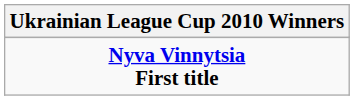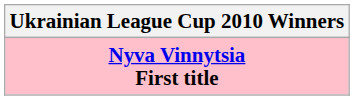 <table class="wikitable" style="text-align: center; margin: 0 auto;">
 <tr>
 <th>Ukrainian League Cup 2010 Winners</th>
 </tr>
 <tr>
 </tr>
 <tr>
-<td><strong><a href='#'>Nyva Vinnytsia</a></strong><br><strong>First title</strong></td>
+<td style="background: pink;"><strong><a href='#'>Nyva Vinnytsia</a></strong><br><strong>First title</strong></td>
 </tr>
 </table>
